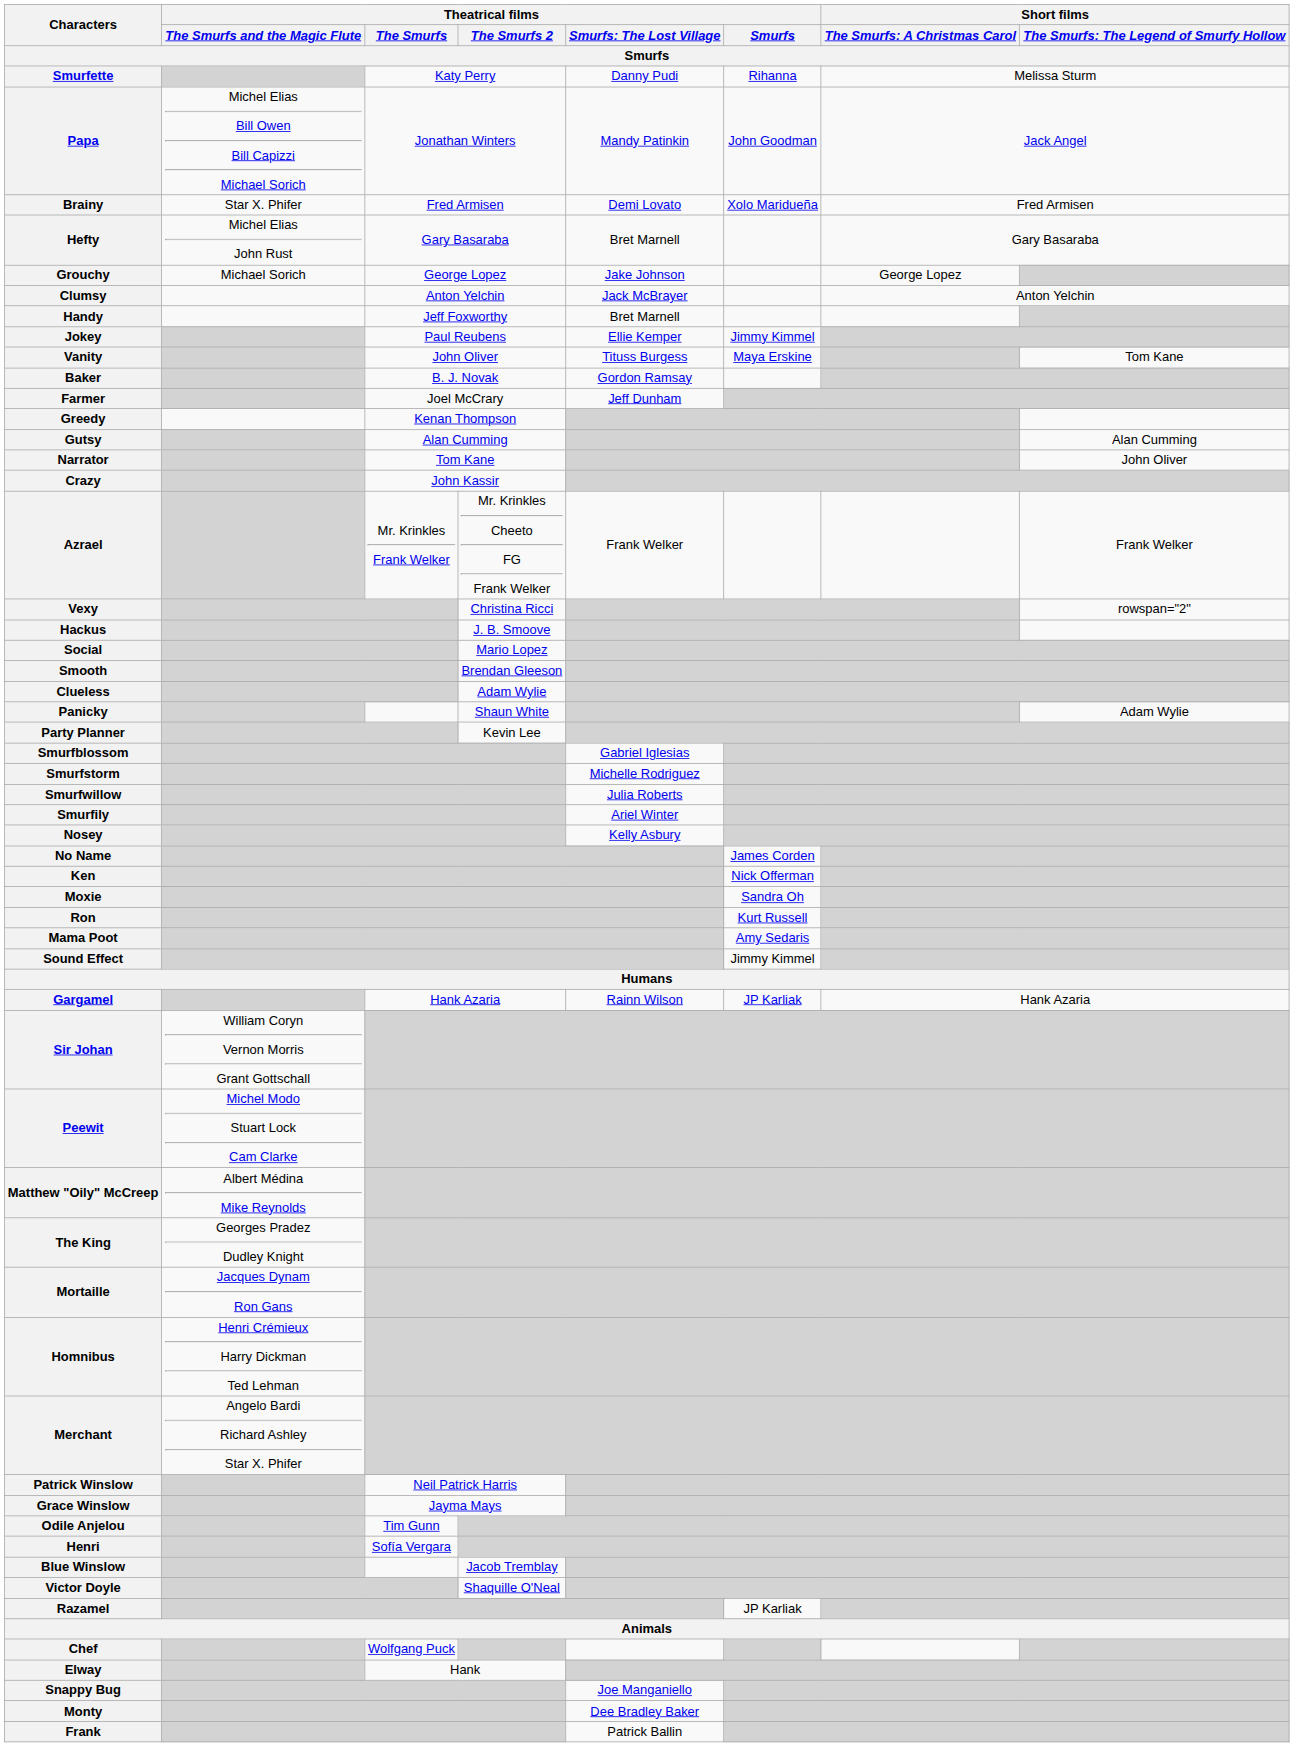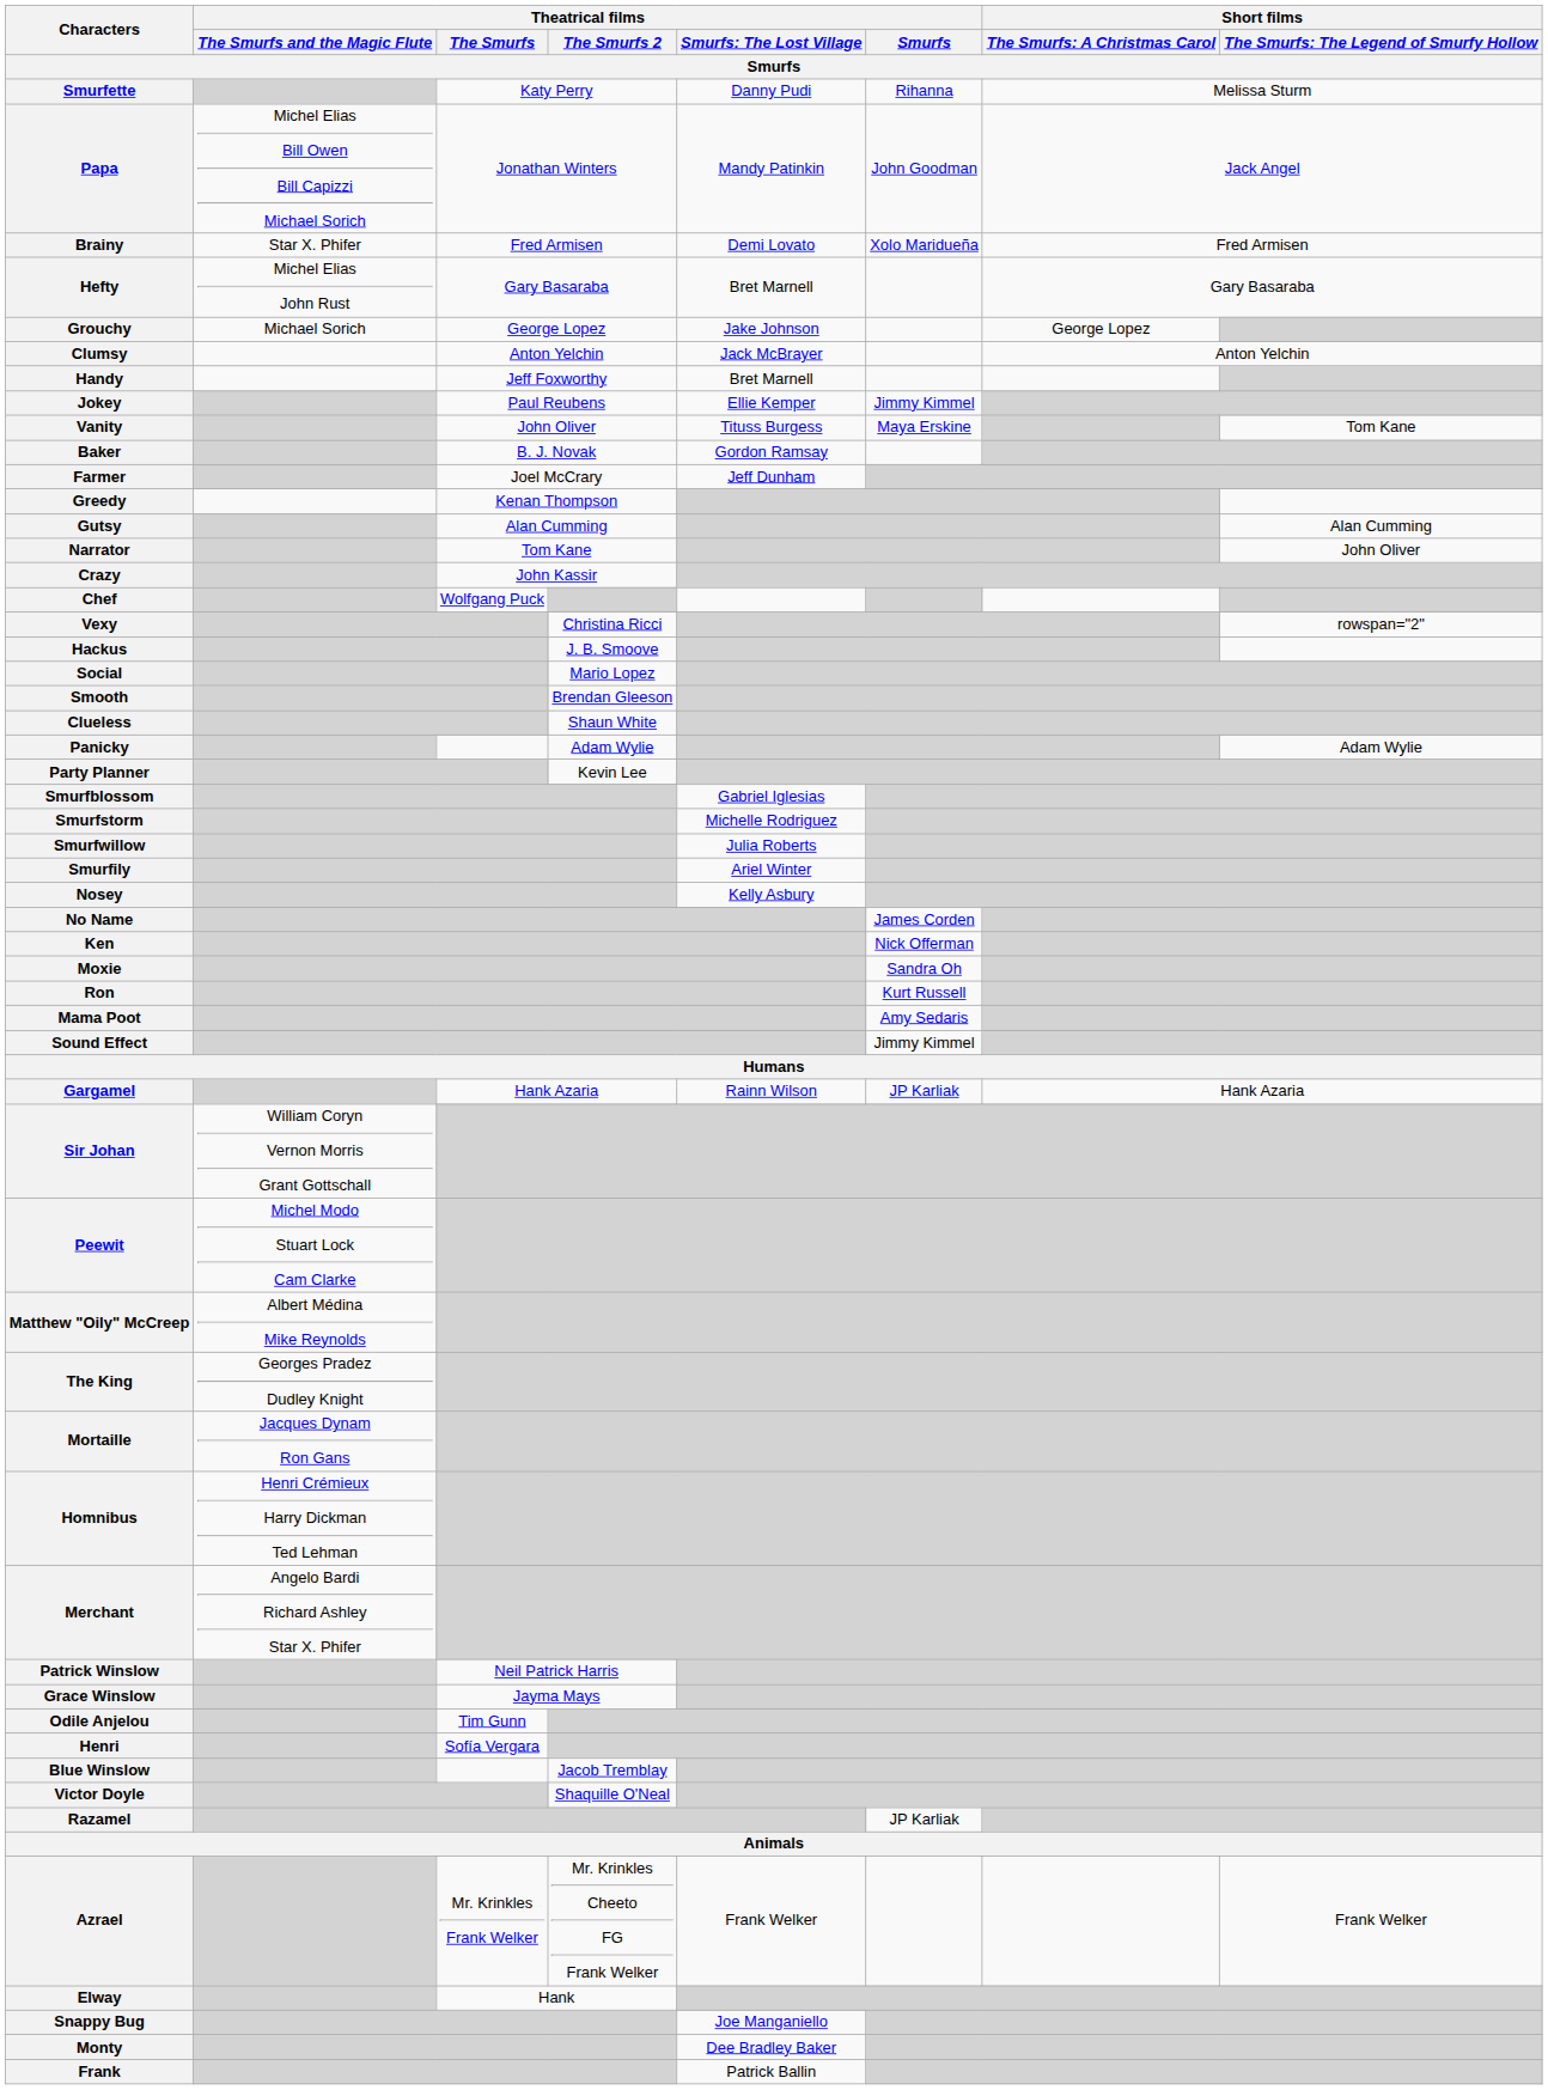 <table class="wikitable"  style="text-align:center; width:80%;">
 <tr>
 <th rowspan="2">Characters</th>
 <th colspan="5">Theatrical films</th>
 <th colspan="2">Short films</th>
 </tr>
 <tr>
 <th align="center"><em><a href='#'>The Smurfs and the Magic Flute</a></em></th>
 <th align="center"><em><a href='#'>The Smurfs</a></em></th>
 <th align="center"><em><a href='#'>The Smurfs 2</a></em></th>
 <th align="center"><em><a href='#'>Smurfs: The Lost Village</a></em></th>
 <th align="center"><em><a href='#'>Smurfs</a></em></th>
 <th align="center"><em><a href='#'>The Smurfs: A Christmas Carol</a></em></th>
 <th align="center"><em><a href='#'>The Smurfs: The Legend of Smurfy Hollow</a></em></th>
 </tr>
 <tr>
 <th colspan="8">Smurfs</th>
 </tr>
 <tr>
 <th><a href='#'>Smurfette</a></th>
 <td style="background-color:#D3D3D3;"></td>
 <td colspan="2"><a href='#'>Katy Perry</a></td>
 <td><a href='#'>Danny Pudi</a></td>
 <td><a href='#'>Rihanna</a></td>
 <td colspan="2">Melissa Sturm</td>
 </tr>
 <tr>
 <th><a href='#'>Papa</a></th>
 <td>Michel Elias<hr><a href='#'>Bill Owen</a><hr><a href='#'>Bill Capizzi</a><hr><a href='#'>Michael Sorich</a></td>
 <td colspan="2"><a href='#'>Jonathan Winters</a></td>
 <td><a href='#'>Mandy Patinkin</a></td>
 <td><a href='#'>John Goodman</a></td>
 <td colspan="2"><a href='#'>Jack Angel</a></td>
 </tr>
 <tr>
 <th>Brainy</th>
 <td>Star X. Phifer</td>
 <td colspan="2"><a href='#'>Fred Armisen</a></td>
 <td><a href='#'>Demi Lovato</a></td>
 <td><a href='#'>Xolo Maridueña</a></td>
 <td colspan="2">Fred Armisen</td>
 </tr>
 <tr>
 <th>Hefty</th>
 <td>Michel Elias<hr>John Rust</td>
 <td colspan="2"><a href='#'>Gary Basaraba</a></td>
 <td>Bret Marnell</td>
 <td></td>
 <td colspan="2">Gary Basaraba</td>
 </tr>
 <tr>
 <th>Grouchy</th>
 <td>Michael Sorich</td>
 <td colspan="2"><a href='#'>George Lopez</a></td>
 <td><a href='#'>Jake Johnson</a></td>
 <td></td>
 <td>George Lopez</td>
 <td style="background-color:#D3D3D3;"></td>
 </tr>
 <tr>
 <th>Clumsy</th>
 <td></td>
 <td colspan="2"><a href='#'>Anton Yelchin</a></td>
 <td><a href='#'>Jack McBrayer</a></td>
 <td></td>
 <td colspan="2">Anton Yelchin</td>
 </tr>
 <tr>
 <th>Handy</th>
 <td></td>
 <td colspan="2"><a href='#'>Jeff Foxworthy</a></td>
 <td>Bret Marnell</td>
 <td></td>
 <td></td>
 <td style="background-color:#D3D3D3;"></td>
 </tr>
 <tr>
 <th>Jokey</th>
 <td style="background-color:#D3D3D3;"></td>
 <td colspan="2"><a href='#'>Paul Reubens</a></td>
 <td><a href='#'>Ellie Kemper</a></td>
 <td><a href='#'>Jimmy Kimmel</a></td>
 <td colspan="2" style="background-color:#D3D3D3;"></td>
 </tr>
 <tr>
 <th>Vanity</th>
 <td style="background-color:#D3D3D3;"></td>
 <td colspan="2"><a href='#'>John Oliver</a></td>
 <td><a href='#'>Tituss Burgess</a></td>
 <td><a href='#'>Maya Erskine</a></td>
 <td style="background-color:#D3D3D3;"></td>
 <td>Tom Kane</td>
 </tr>
 <tr>
 <th>Baker</th>
 <td style="background-color:#D3D3D3;"></td>
 <td colspan="2"><a href='#'>B. J. Novak</a></td>
 <td><a href='#'>Gordon Ramsay</a></td>
 <td></td>
 <td colspan="2" style="background-color:#D3D3D3;"></td>
 </tr>
 <tr>
 <th>Farmer</th>
 <td style="background-color:#D3D3D3;"></td>
 <td colspan="2">Joel McCrary</td>
 <td><a href='#'>Jeff Dunham</a></td>
 <td colspan="3" style="background-color:#D3D3D3;"></td>
 </tr>
 <tr>
 <th>Greedy</th>
 <td></td>
 <td colspan="2"><a href='#'>Kenan Thompson</a></td>
 <td colspan="3" style="background-color:#D3D3D3;"></td>
 <td></td>
 </tr>
 <tr>
 <th>Gutsy</th>
 <td style="background-color:#D3D3D3;"></td>
 <td colspan="2"><a href='#'>Alan Cumming</a></td>
 <td colspan="3" style="background-color:#D3D3D3;"></td>
 <td>Alan Cumming</td>
 </tr>
 <tr>
 <th>Narrator</th>
 <td style="background-color:#D3D3D3;"></td>
 <td colspan="2"><a href='#'>Tom Kane</a></td>
 <td colspan="3" style="background-color:#D3D3D3;"></td>
 <td>John Oliver</td>
 </tr>
 <tr>
 <th>Crazy</th>
 <td style="background-color:#D3D3D3;"></td>
 <td colspan="2"><a href='#'>John Kassir</a></td>
 <td colspan="4" style="background-color:#D3D3D3;"></td>
 </tr>
 <tr>
-<th>Azrael</th>
+<th>Chef</th>
 <td style="background-color:#D3D3D3;"></td>
-<td>Mr. Krinkles<hr><a href='#'>Frank Welker</a></td>
-<td>Mr. Krinkles<hr>Cheeto<hr>FG<hr>Frank Welker</td>
-<td>Frank Welker</td>
+<td><a href='#'>Wolfgang Puck</a></td>
+<td style="background-color:#D3D3D3;"></td>
 <td></td>
+<td style="background-color:#D3D3D3;"></td>
 <td></td>
-<td>Frank Welker</td>
+<td style="background-color:#D3D3D3;"></td>
 </tr>
 <tr>
 <th>Vexy</th>
 <td colspan="2" style="background-color:#D3D3D3;"></td>
 <td><a href='#'>Christina Ricci</a></td>
 <td colspan="3" style="background-color:#D3D3D3;"></td>
 <td>rowspan="2" </td>
 </tr>
 <tr>
 <th>Hackus</th>
 <td colspan="2" style="background-color:#D3D3D3;"></td>
 <td><a href='#'>J. B. Smoove</a></td>
 <td colspan="3" style="background-color:#D3D3D3;"></td>
 </tr>
 <tr>
 <th>Social</th>
 <td colspan="2" style="background-color:#D3D3D3;"></td>
 <td><a href='#'>Mario Lopez</a></td>
 <td colspan="4" style="background-color:#D3D3D3;"></td>
 </tr>
 <tr>
 <th>Smooth</th>
 <td colspan="2" style="background-color:#D3D3D3;"></td>
 <td><a href='#'>Brendan Gleeson</a></td>
 <td colspan="4" style="background-color:#D3D3D3;"></td>
 </tr>
 <tr>
 <th>Clueless</th>
 <td colspan="2" style="background-color:#D3D3D3;"></td>
-<td><a href='#'>Adam Wylie</a></td>
+<td><a href='#'>Shaun White</a></td>
 <td colspan="4" style="background-color:#D3D3D3;"></td>
 </tr>
 <tr>
 <th>Panicky</th>
 <td style="background-color:#D3D3D3;"></td>
 <td></td>
-<td><a href='#'>Shaun White</a></td>
+<td><a href='#'>Adam Wylie</a></td>
 <td colspan="3" style="background-color:#D3D3D3;"></td>
 <td>Adam Wylie</td>
 </tr>
 <tr>
 <th>Party Planner</th>
 <td colspan="2" style="background-color:#D3D3D3;"></td>
 <td>Kevin Lee</td>
 <td colspan="4" style="background-color:#D3D3D3;"></td>
 </tr>
 <tr>
 <th>Smurfblossom</th>
 <td colspan="3" style="background-color:#D3D3D3;"></td>
 <td><a href='#'>Gabriel Iglesias</a></td>
 <td colspan="3" style="background-color:#D3D3D3;"></td>
 </tr>
 <tr>
 <th>Smurfstorm</th>
 <td colspan="3" style="background-color:#D3D3D3;"></td>
 <td><a href='#'>Michelle Rodriguez</a></td>
 <td colspan="3" style="background-color:#D3D3D3;"></td>
 </tr>
 <tr>
 <th>Smurfwillow</th>
 <td colspan="3" style="background-color:#D3D3D3;"></td>
 <td><a href='#'>Julia Roberts</a></td>
 <td colspan="3" style="background-color:#D3D3D3;"></td>
 </tr>
 <tr>
 <th>Smurfily</th>
 <td colspan="3" style="background-color:#D3D3D3;"></td>
 <td><a href='#'>Ariel Winter</a></td>
 <td colspan="3" style="background-color:#D3D3D3;"></td>
 </tr>
 <tr>
 <th>Nosey</th>
 <td colspan="3" style="background-color:#D3D3D3;"></td>
 <td><a href='#'>Kelly Asbury</a></td>
 <td colspan="3" style="background-color:#D3D3D3;"></td>
 </tr>
 <tr>
 <th>No Name</th>
 <td colspan="4" style="background-color:#D3D3D3;"></td>
 <td><a href='#'>James Corden</a></td>
 <td colspan="2" style="background-color:#D3D3D3;"></td>
 </tr>
 <tr>
 <th>Ken</th>
 <td colspan="4" style="background-color:#D3D3D3;"></td>
 <td><a href='#'>Nick Offerman</a></td>
 <td colspan="2" style="background-color:#D3D3D3;"></td>
 </tr>
 <tr>
 <th>Moxie</th>
 <td colspan="4" style="background-color:#D3D3D3;"></td>
 <td><a href='#'>Sandra Oh</a></td>
 <td colspan="2" style="background-color:#D3D3D3;"></td>
 </tr>
 <tr>
 <th>Ron</th>
 <td colspan="4" style="background-color:#D3D3D3;"></td>
 <td><a href='#'>Kurt Russell</a></td>
 <td colspan="2" style="background-color:#D3D3D3;"></td>
 </tr>
 <tr>
 <th>Mama Poot</th>
 <td colspan="4" style="background-color:#D3D3D3;"></td>
 <td><a href='#'>Amy Sedaris</a></td>
 <td colspan="2" style="background-color:#D3D3D3;"></td>
 </tr>
 <tr>
 <th>Sound Effect</th>
 <td colspan="4" style="background-color:#D3D3D3;"></td>
 <td>Jimmy Kimmel</td>
 <td colspan="2" style="background-color:#D3D3D3;"></td>
 </tr>
 <tr>
 <th colspan="8">Humans</th>
 </tr>
 <tr>
 <th><a href='#'>Gargamel</a></th>
 <td style="background-color:#D3D3D3;"></td>
 <td colspan="2"><a href='#'>Hank Azaria</a></td>
 <td><a href='#'>Rainn Wilson</a></td>
 <td><a href='#'>JP Karliak</a></td>
 <td colspan="2">Hank Azaria</td>
 </tr>
 <tr>
 <th><a href='#'>Sir Johan</a></th>
 <td>William Coryn<hr>Vernon Morris<hr>Grant Gottschall</td>
 <td colspan="6" style="background-color:#D3D3D3;"></td>
 </tr>
 <tr>
 <th><a href='#'>Peewit</a></th>
 <td><a href='#'>Michel Modo</a><hr>Stuart Lock<hr><a href='#'>Cam Clarke</a></td>
 <td colspan="6" style="background-color:#D3D3D3;"></td>
 </tr>
 <tr>
 <th>Matthew "Oily" McCreep</th>
 <td>Albert Médina<hr><a href='#'>Mike Reynolds</a></td>
 <td colspan="6" style="background-color:#D3D3D3;"></td>
 </tr>
 <tr>
 <th>The King</th>
 <td>Georges Pradez<hr>Dudley Knight</td>
 <td colspan="6" style="background-color:#D3D3D3;"></td>
 </tr>
 <tr>
 <th>Mortaille</th>
 <td><a href='#'>Jacques Dynam</a><hr><a href='#'>Ron Gans</a></td>
 <td colspan="6" style="background-color:#D3D3D3;"></td>
 </tr>
 <tr>
 <th>Homnibus</th>
 <td><a href='#'>Henri Crémieux</a><hr>Harry Dickman<hr>Ted Lehman</td>
 <td colspan="6" style="background-color:#D3D3D3;"></td>
 </tr>
 <tr>
 <th>Merchant</th>
 <td>Angelo Bardi<hr>Richard Ashley<hr>Star X. Phifer</td>
 <td colspan="6" style="background-color:#D3D3D3;"></td>
 </tr>
 <tr>
 <th>Patrick Winslow</th>
 <td style="background-color:#D3D3D3;"></td>
 <td colspan="2"><a href='#'>Neil Patrick Harris</a></td>
 <td colspan="4" style="background-color:#D3D3D3;"></td>
 </tr>
 <tr>
 <th>Grace Winslow</th>
 <td style="background-color:#D3D3D3;"></td>
 <td colspan="2"><a href='#'>Jayma Mays</a></td>
 <td colspan="4" style="background-color:#D3D3D3;"></td>
 </tr>
 <tr>
 <th>Odile Anjelou</th>
 <td style="background-color:#D3D3D3;"></td>
 <td><a href='#'>Tim Gunn</a></td>
 <td colspan="5" style="background-color:#D3D3D3;"></td>
 </tr>
 <tr>
 <th>Henri</th>
 <td style="background-color:#D3D3D3;"></td>
 <td><a href='#'>Sofía Vergara</a></td>
 <td colspan="5" style="background-color:#D3D3D3;"></td>
 </tr>
 <tr>
 <th>Blue Winslow</th>
 <td style="background-color:#D3D3D3;"></td>
 <td></td>
 <td><a href='#'>Jacob Tremblay</a></td>
 <td colspan="4" style="background-color:#D3D3D3;"></td>
 </tr>
 <tr>
 <th>Victor Doyle</th>
 <td colspan="2" style="background-color:#D3D3D3;"></td>
 <td><a href='#'>Shaquille O'Neal</a></td>
 <td colspan="4" style="background-color:#D3D3D3;"></td>
 </tr>
 <tr>
 <th>Razamel</th>
 <td colspan="4" style="background-color:#D3D3D3;"></td>
 <td>JP Karliak</td>
 <td colspan="2" style="background-color:#D3D3D3;"></td>
 </tr>
 <tr>
 <th colspan="8">Animals</th>
 </tr>
 <tr>
-<th>Chef</th>
+<th>Azrael</th>
 <td style="background-color:#D3D3D3;"></td>
-<td><a href='#'>Wolfgang Puck</a></td>
-<td style="background-color:#D3D3D3;"></td>
+<td>Mr. Krinkles<hr><a href='#'>Frank Welker</a></td>
+<td>Mr. Krinkles<hr>Cheeto<hr>FG<hr>Frank Welker</td>
+<td>Frank Welker</td>
 <td></td>
-<td style="background-color:#D3D3D3;"></td>
 <td></td>
-<td style="background-color:#D3D3D3;"></td>
+<td>Frank Welker</td>
 </tr>
 <tr>
 <th>Elway</th>
 <td style="background-color:#D3D3D3;"></td>
 <td colspan="2">Hank</td>
 <td colspan="4" style="background-color:#D3D3D3;"></td>
 </tr>
 <tr>
 <th>Snappy Bug</th>
 <td colspan="3" style="background-color:#D3D3D3;"></td>
 <td><a href='#'>Joe Manganiello</a></td>
 <td colspan="3" style="background-color:#D3D3D3;"></td>
 </tr>
 <tr>
 <th>Monty</th>
 <td colspan="3" style="background-color:#D3D3D3;"></td>
 <td><a href='#'>Dee Bradley Baker</a></td>
 <td colspan="3" style="background-color:#D3D3D3;"></td>
 </tr>
 <tr>
 <th>Frank</th>
 <td colspan="3" style="background-color:#D3D3D3;"></td>
 <td>Patrick Ballin</td>
 <td colspan="3" style="background-color:#D3D3D3;"></td>
 </tr>
 </table>
